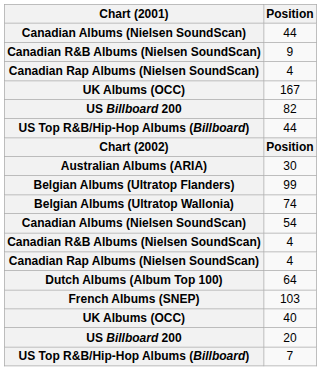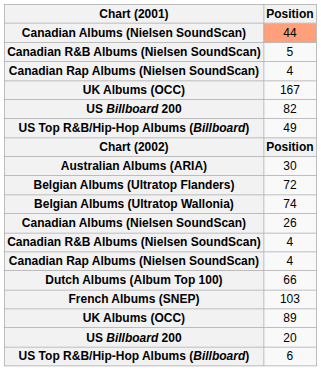 <table class="wikitable plainrowheaders sortable">
 <tr>
 <th scope="col">Chart (2001)</th>
 <th scope="col">Position</th>
 </tr>
 <tr>
 <th scope="row">Canadian Albums (Nielsen SoundScan)</th>
-<td style="text-align:center;">44</td>
+<td style="background: lightsalmon; text-align:center;">44</td>
 </tr>
 <tr>
 <th scope="row">Canadian R&B Albums (Nielsen SoundScan)</th>
-<td style="text-align:center;">9</td>
+<td style="text-align:center;">5</td>
 </tr>
 <tr>
 <th scope="row">Canadian Rap Albums (Nielsen SoundScan)</th>
 <td style="text-align:center;">4</td>
 </tr>
 <tr>
 <th scope="row">UK Albums (OCC)</th>
 <td style="text-align:center;">167</td>
 </tr>
 <tr>
 <th scope="row">US <em>Billboard</em> 200</th>
 <td style="text-align:center;">82</td>
 </tr>
 <tr>
 <th scope="row">US Top R&B/Hip-Hop Albums (<em>Billboard</em>)</th>
-<td style="text-align:center;">44</td>
+<td style="text-align:center;">49</td>
 </tr>
 <tr>
 <th scope="col">Chart (2002)</th>
 <th scope="col">Position</th>
 </tr>
 <tr>
 <th scope="row">Australian Albums (ARIA)</th>
 <td style="text-align:center;">30</td>
 </tr>
 <tr>
 <th scope="row">Belgian Albums (Ultratop Flanders)</th>
-<td style="text-align:center;">99</td>
+<td style="text-align:center;">72</td>
 </tr>
 <tr>
 <th scope="row">Belgian Albums (Ultratop Wallonia)</th>
 <td style="text-align:center;">74</td>
 </tr>
 <tr>
 <th scope="row">Canadian Albums (Nielsen SoundScan)</th>
-<td style="text-align:center;">54</td>
+<td style="text-align:center;">26</td>
 </tr>
 <tr>
 <th scope="row">Canadian R&B Albums (Nielsen SoundScan)</th>
 <td style="text-align:center;">4</td>
 </tr>
 <tr>
 <th scope="row">Canadian Rap Albums (Nielsen SoundScan)</th>
 <td style="text-align:center;">4</td>
 </tr>
 <tr>
 <th scope="row">Dutch Albums (Album Top 100)</th>
-<td style="text-align:center;">64</td>
+<td style="text-align:center;">66</td>
 </tr>
 <tr>
 <th scope="row">French Albums (SNEP)</th>
 <td style="text-align:center;">103</td>
 </tr>
 <tr>
 <th scope="row">UK Albums (OCC)</th>
-<td style="text-align:center;">40</td>
+<td style="text-align:center;">89</td>
 </tr>
 <tr>
 <th scope="row">US <em>Billboard</em> 200</th>
 <td style="text-align:center;">20</td>
 </tr>
 <tr>
 <th scope="row">US Top R&B/Hip-Hop Albums (<em>Billboard</em>)</th>
-<td style="text-align:center;">7</td>
+<td style="text-align:center;">6</td>
 </tr>
 </table>
